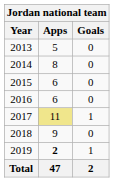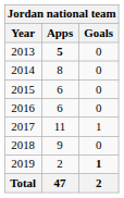 <table class="wikitable" style="text-align:center">
 <tr>
 <th colspan=3>Jordan national team</th>
 </tr>
 <tr>
 <th>Year</th>
 <th>Apps</th>
 <th>Goals</th>
 </tr>
 <tr>
 <td>2013</td>
-<td>5</td>
+<td><strong>5</strong></td>
 <td>0</td>
 </tr>
 <tr>
 <td>2014</td>
 <td>8</td>
 <td>0</td>
 </tr>
 <tr>
 <td>2015</td>
 <td>6</td>
 <td>0</td>
 </tr>
 <tr>
 <td>2016</td>
 <td>6</td>
 <td>0</td>
 </tr>
 <tr>
 <td>2017</td>
-<td style="background: khaki;">11</td>
+<td>11</td>
 <td>1</td>
 </tr>
 <tr>
 <td>2018</td>
 <td>9</td>
 <td>0</td>
 </tr>
 <tr>
 <td>2019</td>
-<td><strong>2</strong></td>
-<td>1</td>
+<td>2</td>
+<td><strong>1</strong></td>
 </tr>
 <tr>
 <th>Total</th>
 <th>47</th>
 <th>2</th>
 </tr>
 </table>
